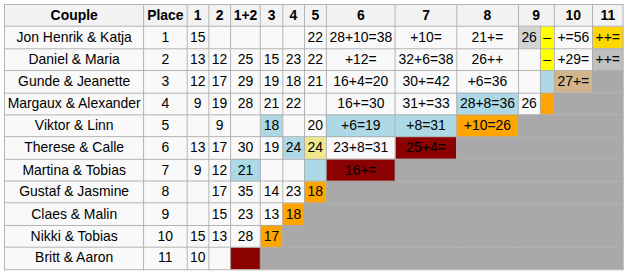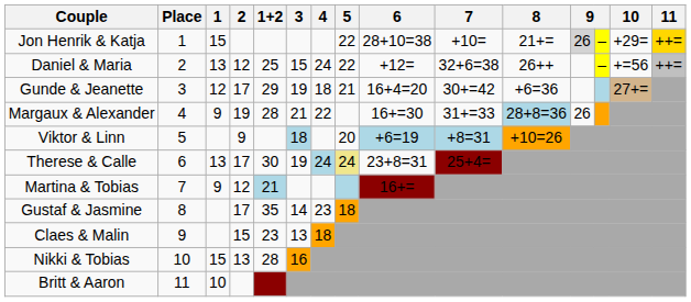 <table class="wikitable sortable" style="text-align:center;">
 <tr>
 <th>Couple</th>
 <th>Place</th>
 <th>1</th>
 <th>2</th>
 <th>1+2</th>
 <th>3</th>
 <th>4</th>
 <th>5</th>
 <th>6</th>
 <th>7</th>
 <th>8</th>
 <th colspan="2">9</th>
 <th>10</th>
 <th>11</th>
 </tr>
 <tr>
 <td>Jon Henrik & Katja</td>
 <td>1</td>
 <td>15</td>
 <td></td>
 <td></td>
 <td></td>
 <td></td>
 <td>22</td>
 <td>28+10=38</td>
 <td>+10=</td>
 <td>21+=</td>
 <td style="background: lightgrey;">26</td>
 <td bgcolor=yellow>–</td>
-<td>+=56</td>
+<td>+29=</td>
 <td bgcolor=gold>++=</td>
 </tr>
 <tr>
 <td>Daniel & Maria</td>
 <td>2</td>
 <td>13</td>
 <td>12</td>
 <td>25</td>
 <td>15</td>
-<td>23</td>
+<td>24</td>
 <td>22</td>
 <td>+12=</td>
 <td>32+6=38</td>
 <td>26++</td>
 <td></td>
 <td bgcolor=yellow>–</td>
-<td>+29=</td>
+<td>+=56</td>
 <td bgcolor=silver>++=</td>
 </tr>
 <tr>
 <td>Gunde & Jeanette</td>
 <td>3</td>
 <td>12</td>
 <td>17</td>
 <td>29</td>
 <td>19</td>
 <td>18</td>
 <td>21</td>
 <td>16+4=20</td>
 <td>30+=42</td>
 <td>+6=36</td>
 <td></td>
 <td bgcolor=lightblue></td>
 <td bgcolor=tan>27+=</td>
 <td bgcolor=darkgrey colspan="1"></td>
 </tr>
 <tr>
 <td>Margaux & Alexander</td>
 <td>4</td>
 <td>9</td>
 <td>19</td>
 <td>28</td>
 <td>21</td>
 <td>22</td>
 <td></td>
 <td>16+=30</td>
 <td>31+=33</td>
 <td bgcolor=lightblue>28+8=36</td>
 <td>26</td>
 <td bgcolor=orange></td>
 <td bgcolor=darkgrey colspan="2"></td>
 </tr>
 <tr>
 <td>Viktor & Linn</td>
 <td>5</td>
 <td></td>
 <td>9</td>
 <td></td>
 <td bgcolor=lightblue>18</td>
 <td></td>
 <td>20</td>
 <td bgcolor=lightblue>+6=19</td>
 <td bgcolor=lightblue>+8=31</td>
 <td bgcolor=orange>+10=26</td>
 <td bgcolor=darkgrey colspan="4"></td>
 </tr>
 <tr>
 <td>Therese & Calle</td>
 <td>6</td>
 <td>13</td>
 <td>17</td>
 <td>30</td>
 <td>19</td>
 <td bgcolor=lightblue>24</td>
 <td style="background: khaki;">24</td>
 <td>23+8=31</td>
 <td bgcolor=darkred>25+4=</td>
 <td bgcolor=darkgrey colspan="5"></td>
 </tr>
 <tr>
 <td>Martina & Tobias</td>
 <td>7</td>
 <td>9</td>
 <td>12</td>
 <td bgcolor=lightblue>21</td>
 <td></td>
 <td></td>
 <td bgcolor=lightblue></td>
 <td bgcolor=darkred>16+=</td>
 <td bgcolor=darkgrey colspan="6"></td>
 </tr>
 <tr>
 <td>Gustaf & Jasmine</td>
 <td>8</td>
 <td></td>
 <td>17</td>
 <td>35</td>
 <td>14</td>
 <td>23</td>
 <td bgcolor="orange">18</td>
 <td bgcolor="darkgrey" colspan="7"></td>
 </tr>
 <tr>
 <td>Claes & Malin</td>
 <td>9</td>
 <td></td>
 <td>15</td>
 <td>23</td>
 <td>13</td>
 <td bgcolor="orange">18</td>
 <td bgcolor="darkgrey" colspan="8"></td>
 </tr>
 <tr>
 <td>Nikki & Tobias</td>
 <td>10</td>
 <td>15</td>
 <td>13</td>
 <td>28</td>
-<td bgcolor="orange">17</td>
+<td bgcolor="orange">16</td>
 <td bgcolor="darkgrey" colspan="9"></td>
 </tr>
 <tr>
 <td>Britt & Aaron</td>
 <td>11</td>
 <td>10</td>
 <td></td>
 <td bgcolor=darkred></td>
 <td bgcolor="darkgrey" colspan="10"></td>
 </tr>
 </table>
